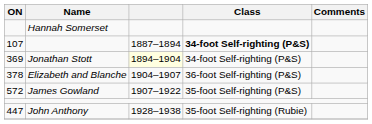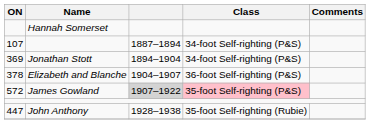 <table class="wikitable">
 <tr>
 <th>ON</th>
 <th>Name</th>
 <th></th>
 <th>Class</th>
 <th>Comments</th>
 </tr>
 <tr>
 <td></td>
 <td><em>Hannah Somerset</em></td>
 <td></td>
 <td></td>
 <td></td>
 </tr>
 <tr>
 <td>107</td>
 <td></td>
 <td>1887–1894</td>
-<td><strong>34-foot Self-righting (P&S)</strong></td>
+<td>34-foot Self-righting (P&S)</td>
 <td></td>
 </tr>
 <tr>
 <td>369</td>
 <td><em>Jonathan Stott</em></td>
-<td style="background: lightyellow;">1894–1904</td>
+<td>1894–1904</td>
 <td>34-foot Self-righting (P&S)</td>
 <td></td>
 </tr>
 <tr>
 <td>378</td>
 <td><em>Elizabeth and Blanche</em></td>
 <td>1904–1907</td>
 <td>36-foot Self-righting (P&S)</td>
 <td></td>
 </tr>
 <tr>
 <td>572</td>
 <td><em>James Gowland</em></td>
-<td>1907–1922</td>
-<td>35-foot Self-righting (P&S)</td>
+<td style="background: lightgrey;">1907–1922</td>
+<td style="background: pink;">35-foot Self-righting (P&S)</td>
 <td></td>
 </tr>
 <tr>
 <td colspan=6 style=" text-align: center;"></td>
 </tr>
 <tr>
 <td>447</td>
 <td><em>John Anthony</em></td>
 <td>1928–1938</td>
 <td>35-foot Self-righting (Rubie)</td>
 <td></td>
 </tr>
 <tr>
 </tr>
 </table>
